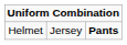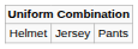 <table class="wikitable">
 <tr>
 <td align="center" Colspan="3"><strong>Uniform Combination</strong></td>
 </tr>
 <tr align="center">
 <td !style="background:#FFFFFF;">Helmet</td>
 <td !style="background:#FFFFFF;">Jersey</td>
-<td !style="background:#FFFFFF;"><strong>Pants</strong></td>
+<td !style="background:#FFFFFF;">Pants</td>
 </tr>
 </table>
